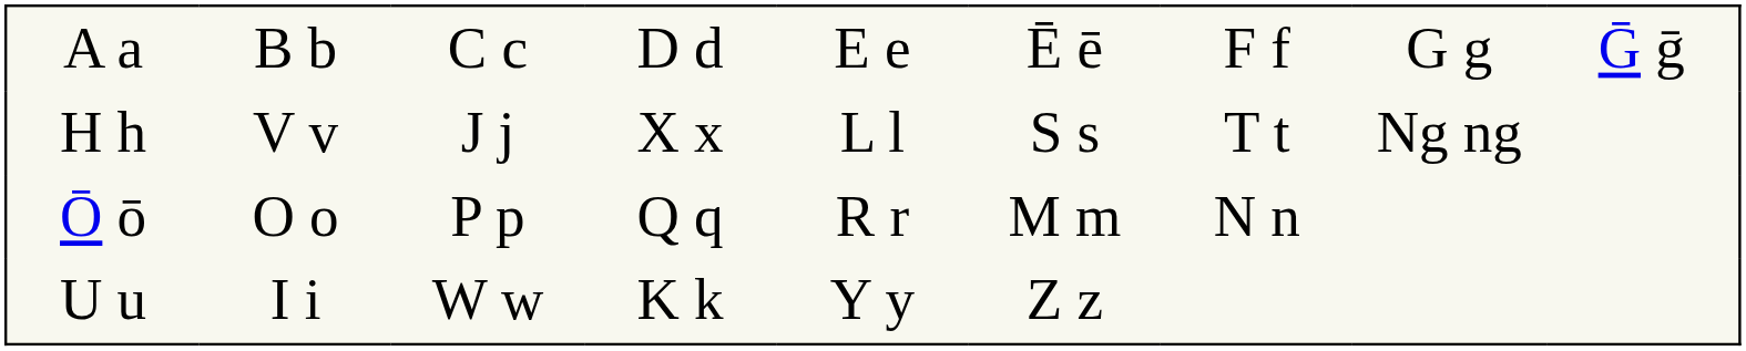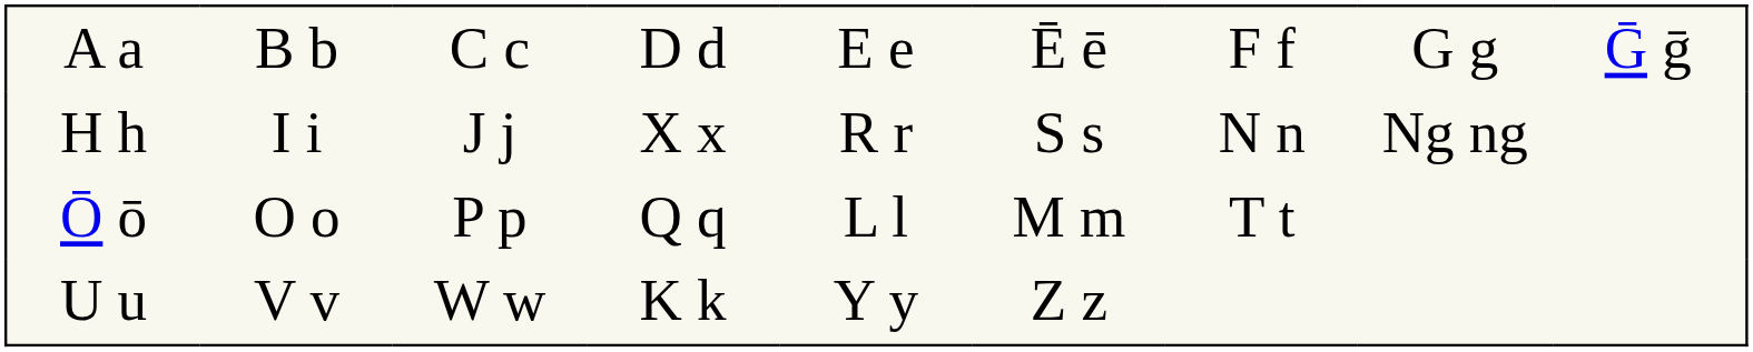 <table style="font-family:Times New Roman; font-size:1.4em; border-color:black; border-width:1px; border-style:solid; border-collapse:collapse; background-color:#F8F8EF">
 <tr>
 <td style="width:3em; text-align:center; padding: 3px;">A a<br></td>
 <td style="width:3em; text-align:center; padding: 3px;">B b<br></td>
 <td style="width:3em; text-align:center; padding: 3px;">C c<br></td>
 <td style="width:3em; text-align:center; padding: 3px;">D d<br></td>
 <td style="width:3em; text-align:center; padding: 3px;">E e<br></td>
 <td style="width:3em; text-align:center; padding: 3px;">Ē ē<br></td>
 <td style="width:3em; text-align:center; padding: 3px;">F f<br></td>
 <td style="width:3em; text-align:center; padding: 3px;">G g<br></td>
 <td style="width:3em; text-align:center; padding: 3px;"><a href='#'>Ḡ</a> ḡ<br></td>
 </tr>
 <tr>
 <td style="width:3em; text-align:center; padding: 3px;">H h<br></td>
-<td style="width:3em; text-align:center; padding: 3px;">V v<br></td>
+<td style="width:3em; text-align:center; padding: 3px;">I i<br></td>
 <td style="width:3em; text-align:center; padding: 3px;">J j<br></td>
 <td style="width:3em; text-align:center; padding: 3px;">X x<br></td>
-<td style="width:3em; text-align:center; padding: 3px;">L l<br></td>
+<td style="width:3em; text-align:center; padding: 3px;">R r<br></td>
 <td style="width:3em; text-align:center; padding: 3px;">S s<br></td>
-<td style="width:3em; text-align:center; padding: 3px;">T t<br></td>
+<td style="width:3em; text-align:center; padding: 3px;">N n<br></td>
 <td style="width:3em; text-align:center; padding: 3px;">Ng ng<br></td>
 <td></td>
 </tr>
 <tr>
 <td style="width:3em; text-align:center; padding: 3px;"><a href='#'>Ō</a> ō<br></td>
 <td style="width:3em; text-align:center; padding: 3px;">O o<br></td>
 <td style="width:3em; text-align:center; padding: 3px;">P p<br></td>
 <td style="width:3em; text-align:center; padding: 3px;">Q q<br></td>
-<td style="width:3em; text-align:center; padding: 3px;">R r<br></td>
+<td style="width:3em; text-align:center; padding: 3px;">L l<br></td>
 <td style="width:3em; text-align:center; padding: 3px;">M m<br></td>
-<td style="width:3em; text-align:center; padding: 3px;">N n<br></td>
+<td style="width:3em; text-align:center; padding: 3px;">T t<br></td>
 <td></td>
 <td></td>
 </tr>
 <tr>
 <td style="width:3em; text-align:center; padding: 3px;">U u<br></td>
-<td style="width:3em; text-align:center; padding: 3px;">I i<br></td>
+<td style="width:3em; text-align:center; padding: 3px;">V v<br></td>
 <td style="width:3em; text-align:center; padding: 3px;">W w<br></td>
 <td style="width:3em; text-align:center; padding: 3px;">K k<br></td>
 <td style="width:3em; text-align:center; padding: 3px;">Y y<br></td>
 <td style="width:3em; text-align:center; padding: 3px;">Z z<br></td>
 <td></td>
 <td></td>
 <td></td>
 </tr>
 </table>
